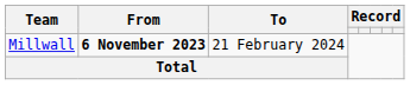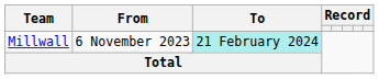 <table class="wikitable" style="text-align: center;">
 <tr>
 <th rowspan="2">Team</th>
 <th rowspan="2">From</th>
 <th rowspan="2">To</th>
 <th colspan="5">Record</th>
 </tr>
 <tr>
 <th></th>
 <th></th>
 <th></th>
 <th></th>
 <th></th>
 </tr>
 <tr>
 <td align="left"><a href='#'>Millwall</a></td>
-<td align="left"><strong>6 November 2023</strong></td>
-<td align="left">21 February 2024<br></td>
+<td align="left">6 November 2023</td>
+<td align="left" style="background: paleturquoise;">21 February 2024<br></td>
 </tr>
 <tr>
 <th colspan="3">Total<br></th>
 </tr>
 </table>
